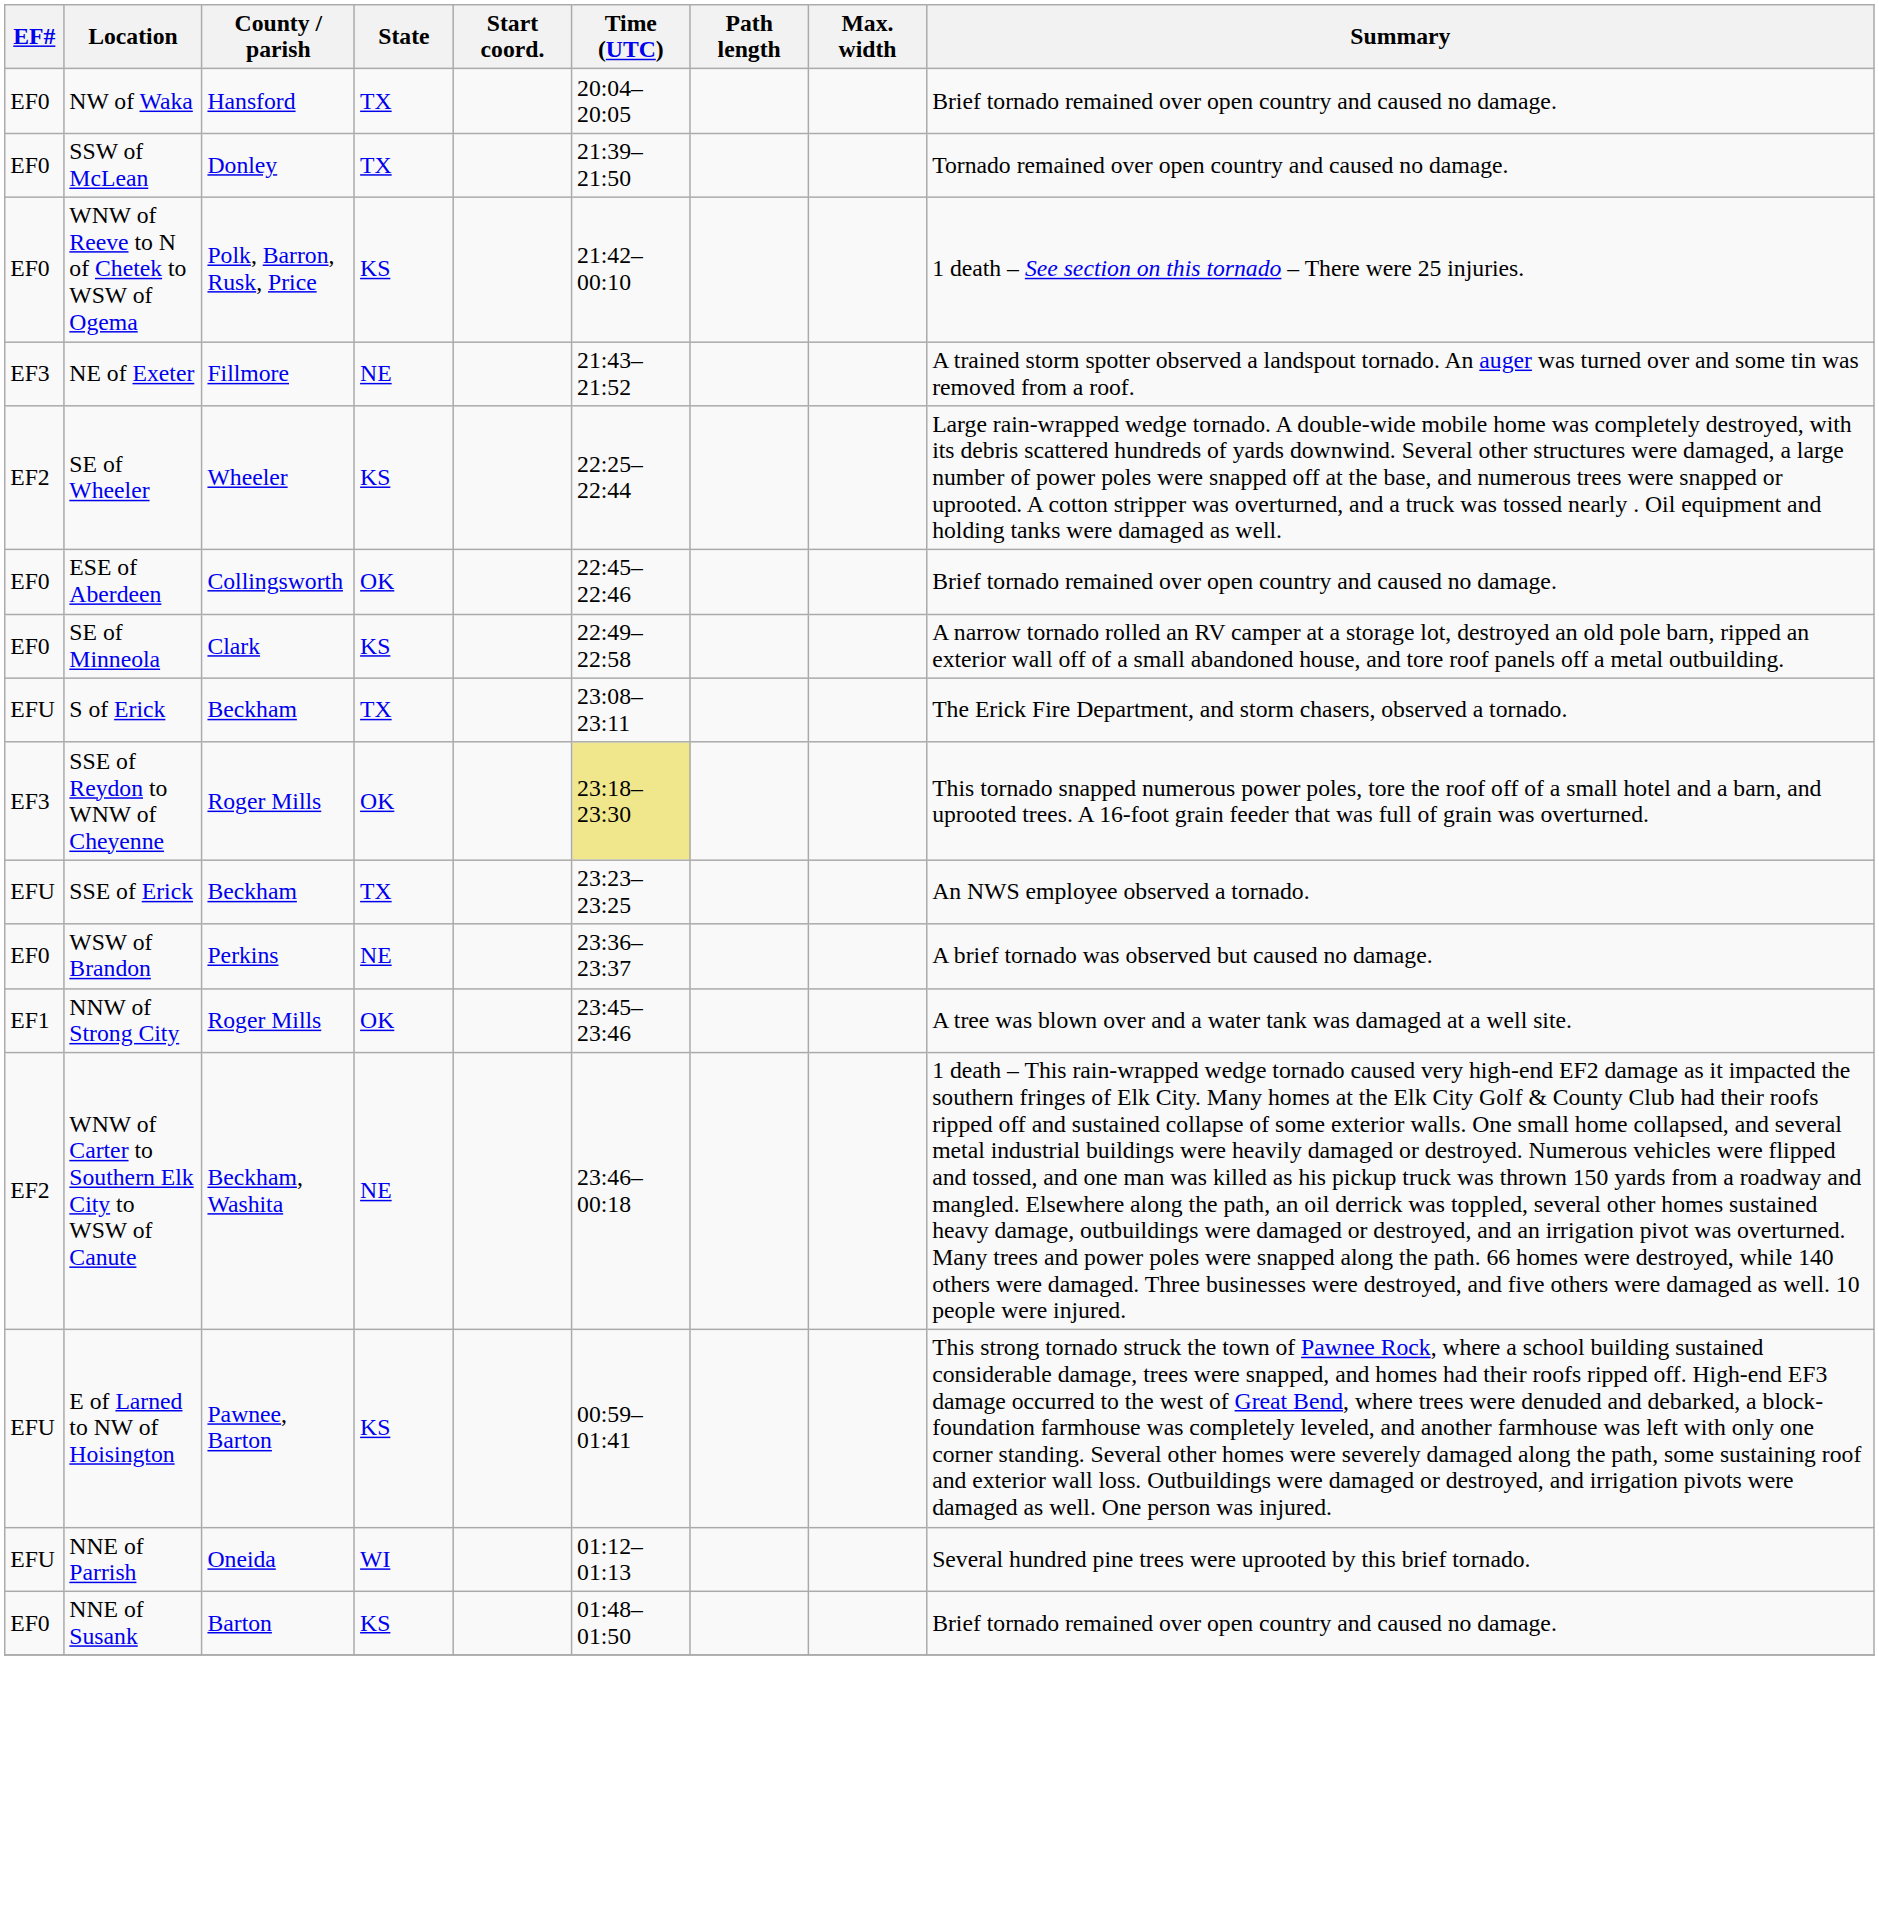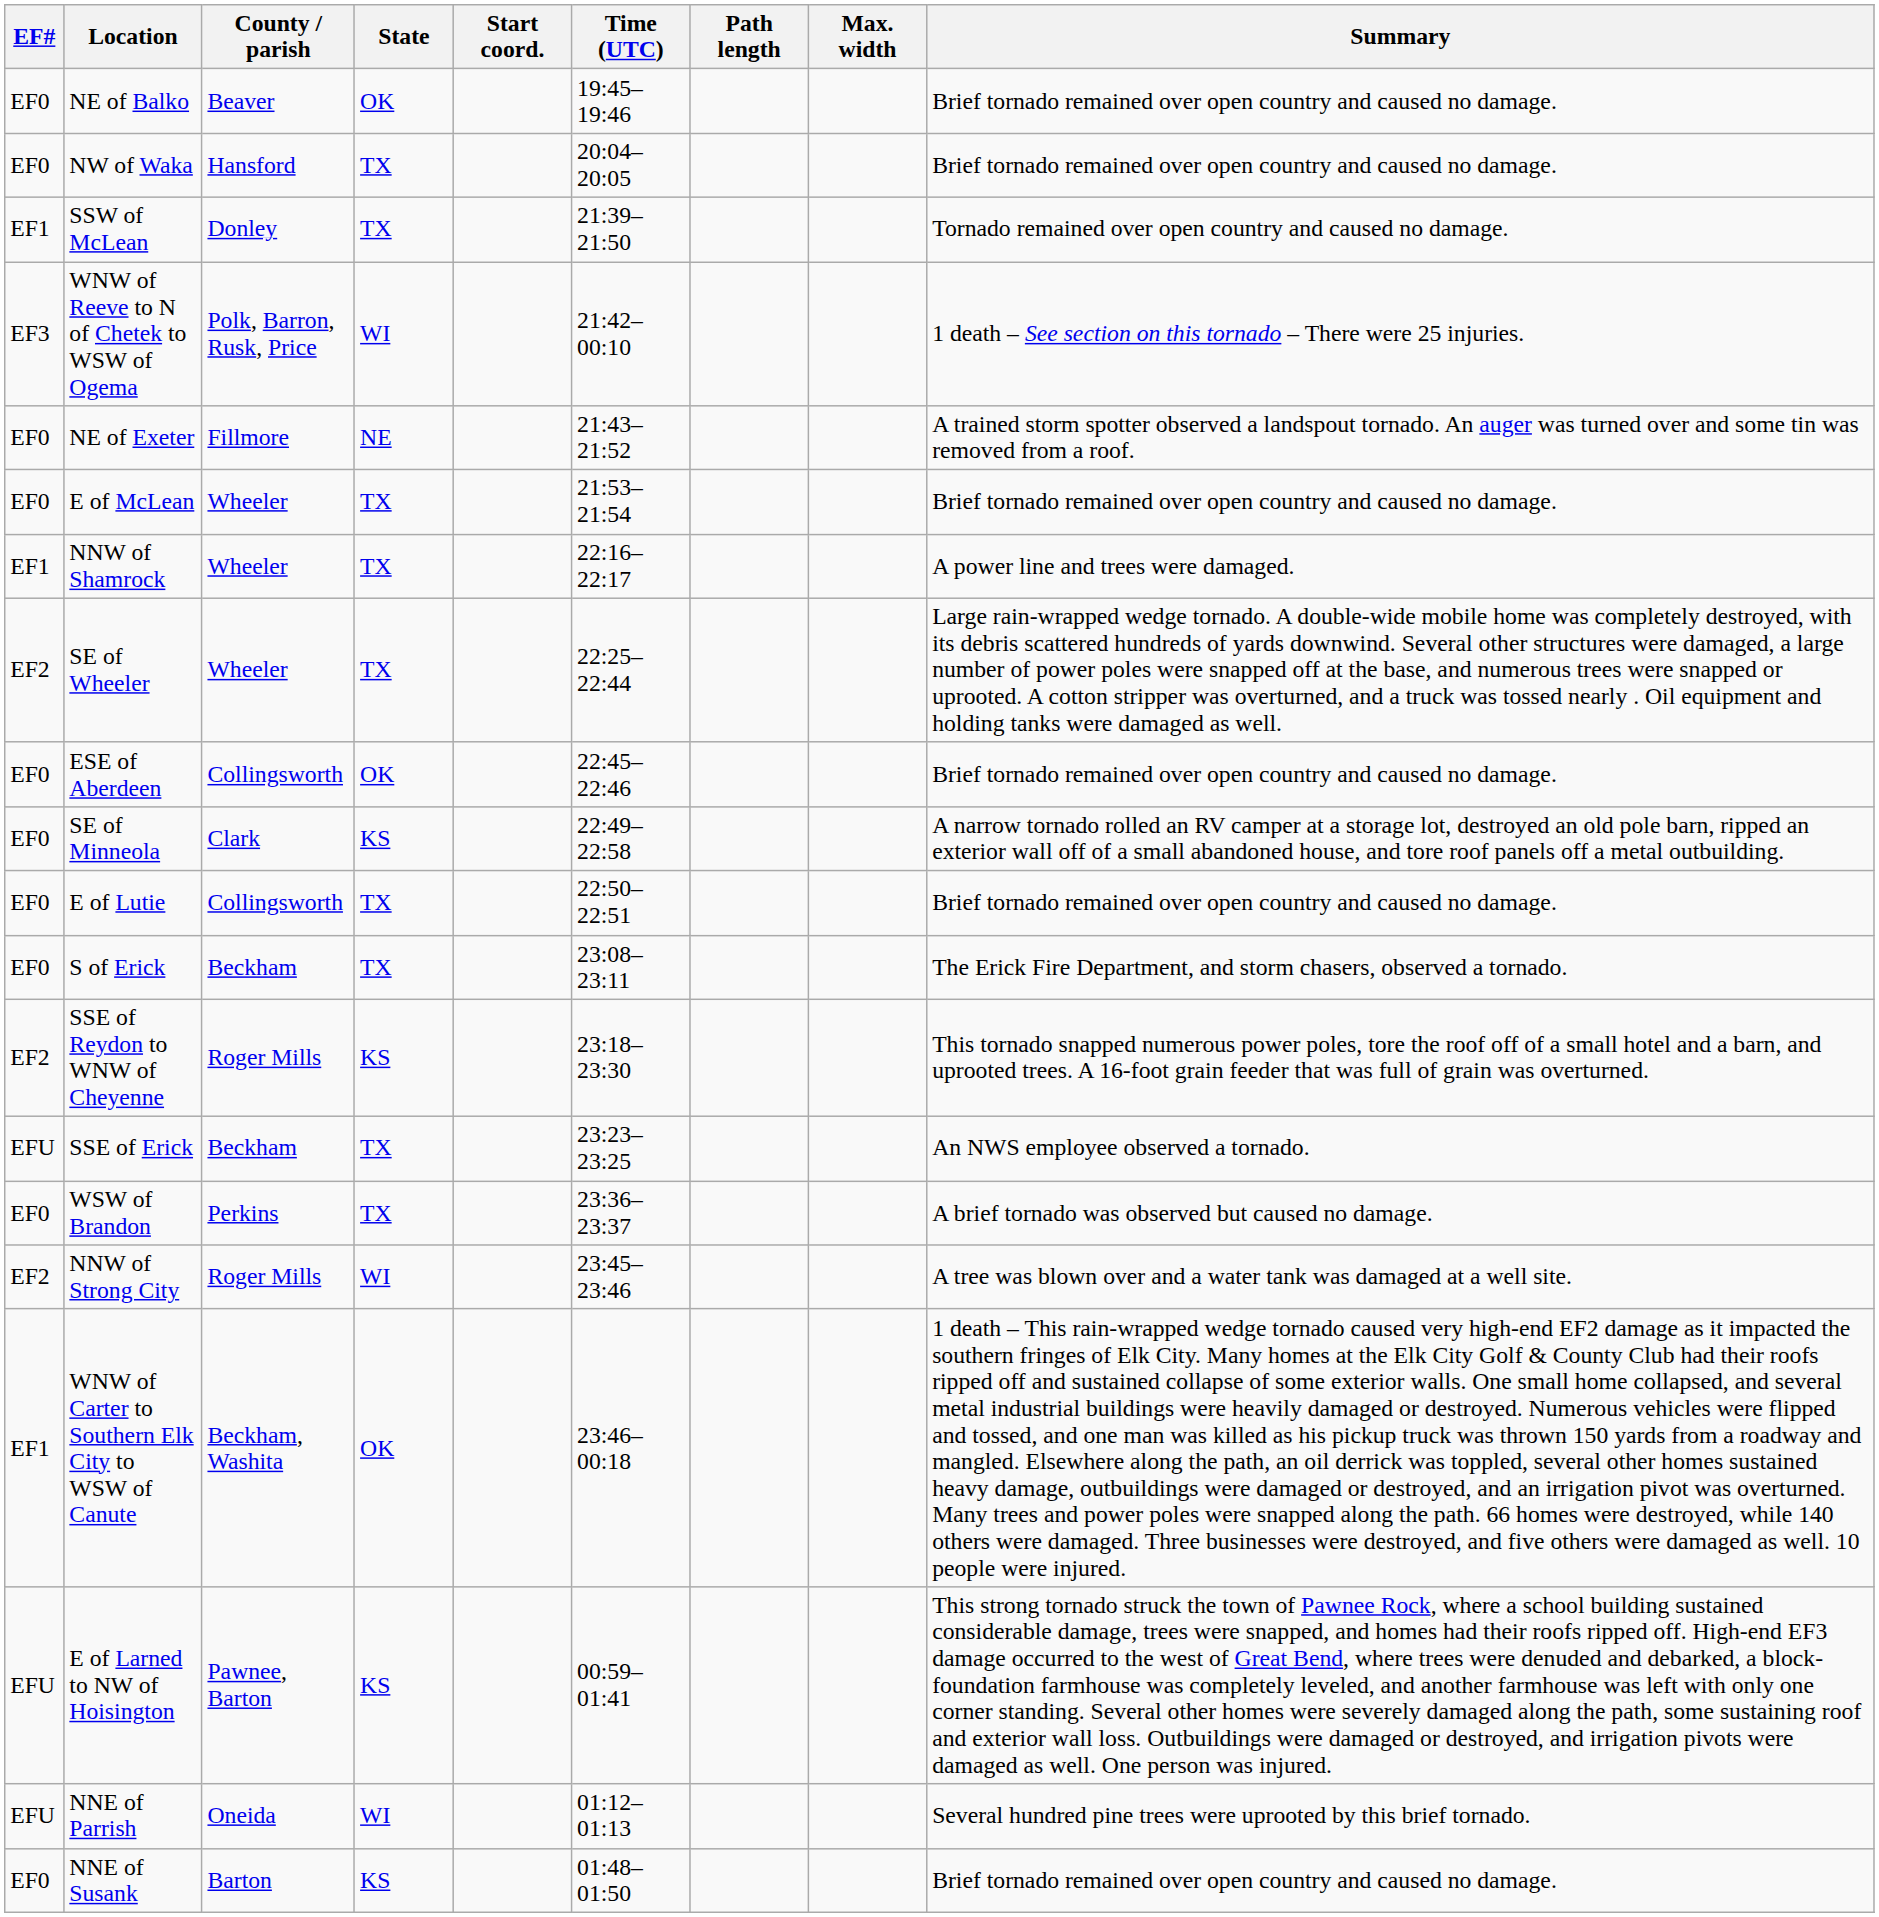 <table class="wikitable sortable" style="width:100%;">
 <tr>
 <th scope="col"  style="width:3%; text-align:center;"><a href='#'>EF#</a></th>
 <th scope="col"  style="width:7%; text-align:center;" class="unsortable">Location</th>
 <th scope="col"  style="width:6%; text-align:center;" class="unsortable">County / parish</th>
 <th scope="col"  style="width:5%; text-align:center;">State</th>
 <th scope="col"  style="width:6%; text-align:center;">Start coord.</th>
 <th scope="col"  style="width:6%; text-align:center;">Time (<a href='#'>UTC</a>)</th>
 <th scope="col"  style="width:6%; text-align:center;">Path length</th>
 <th scope="col"  style="width:6%; text-align:center;">Max. width</th>
 <th scope="col" class="unsortable" style="width:48%; text-align:center;">Summary</th>
 </tr>
 <tr>
 <td>EF0</td>
+<td>NE of <a href='#'>Balko</a></td>
+<td><a href='#'>Beaver</a></td>
+<td><a href='#'>OK</a></td>
+<td></td>
+<td>19:45–19:46</td>
+<td></td>
+<td></td>
+<td>Brief tornado remained over open country and caused no damage.</td>
+</tr>
+<tr>
+<td>EF0</td>
 <td>NW of <a href='#'>Waka</a></td>
 <td><a href='#'>Hansford</a></td>
 <td><a href='#'>TX</a></td>
 <td></td>
 <td>20:04–20:05</td>
 <td></td>
 <td></td>
 <td>Brief tornado remained over open country and caused no damage.</td>
 </tr>
 <tr>
-<td>EF0</td>
+<td>EF1</td>
 <td>SSW of <a href='#'>McLean</a></td>
 <td><a href='#'>Donley</a></td>
 <td><a href='#'>TX</a></td>
 <td></td>
 <td>21:39–21:50</td>
 <td></td>
 <td></td>
 <td>Tornado remained over open country and caused no damage.</td>
 </tr>
 <tr>
-<td>EF0</td>
+<td>EF3</td>
 <td>WNW of <a href='#'>Reeve</a> to N of <a href='#'>Chetek</a> to WSW of <a href='#'>Ogema</a></td>
 <td><a href='#'>Polk</a>, <a href='#'>Barron</a>, <a href='#'>Rusk</a>, <a href='#'>Price</a></td>
-<td><a href='#'>KS</a></td>
+<td><a href='#'>WI</a></td>
 <td></td>
 <td>21:42–00:10</td>
 <td></td>
 <td></td>
 <td>1 death – <em><a href='#'>See section on this tornado</a></em> – There were 25 injuries.</td>
 </tr>
 <tr>
-<td>EF3</td>
+<td>EF0</td>
 <td>NE of <a href='#'>Exeter</a></td>
 <td><a href='#'>Fillmore</a></td>
 <td><a href='#'>NE</a></td>
 <td></td>
 <td>21:43–21:52</td>
 <td></td>
 <td></td>
 <td>A trained storm spotter observed a landspout tornado. An <a href='#'>auger</a> was turned over and some tin was removed from a roof.</td>
 </tr>
 <tr>
+<td>EF0</td>
+<td>E of <a href='#'>McLean</a></td>
+<td><a href='#'>Wheeler</a></td>
+<td><a href='#'>TX</a></td>
+<td></td>
+<td>21:53–21:54</td>
+<td></td>
+<td></td>
+<td>Brief tornado remained over open country and caused no damage.</td>
+</tr>
+<tr>
+<td>EF1</td>
+<td>NNW of <a href='#'>Shamrock</a></td>
+<td><a href='#'>Wheeler</a></td>
+<td><a href='#'>TX</a></td>
+<td></td>
+<td>22:16–22:17</td>
+<td></td>
+<td></td>
+<td>A power line and trees were damaged.</td>
+</tr>
+<tr>
 <td>EF2</td>
 <td>SE of <a href='#'>Wheeler</a></td>
 <td><a href='#'>Wheeler</a></td>
-<td><a href='#'>KS</a></td>
+<td><a href='#'>TX</a></td>
 <td></td>
 <td>22:25–22:44</td>
 <td></td>
 <td></td>
 <td>Large rain-wrapped wedge tornado. A double-wide mobile home was completely destroyed, with its debris scattered hundreds of yards downwind. Several other structures were damaged, a large number of power poles were snapped off at the base, and numerous trees were snapped or uprooted. A cotton stripper was overturned, and a truck was tossed nearly . Oil equipment and holding tanks were damaged as well.</td>
 </tr>
 <tr>
 <td>EF0</td>
 <td>ESE of <a href='#'>Aberdeen</a></td>
 <td><a href='#'>Collingsworth</a></td>
 <td><a href='#'>OK</a></td>
 <td></td>
 <td>22:45–22:46</td>
 <td></td>
 <td></td>
 <td>Brief tornado remained over open country and caused no damage.</td>
 </tr>
 <tr>
 <td>EF0</td>
 <td>SE of <a href='#'>Minneola</a></td>
 <td><a href='#'>Clark</a></td>
 <td><a href='#'>KS</a></td>
 <td></td>
 <td>22:49–22:58</td>
 <td></td>
 <td></td>
 <td>A narrow tornado rolled an RV camper at a storage lot, destroyed an old pole barn, ripped an exterior wall off of a small abandoned house, and tore roof panels off a metal outbuilding.</td>
 </tr>
 <tr>
-<td>EFU</td>
+<td>EF0</td>
+<td>E of <a href='#'>Lutie</a></td>
+<td><a href='#'>Collingsworth</a></td>
+<td><a href='#'>TX</a></td>
+<td></td>
+<td>22:50–22:51</td>
+<td></td>
+<td></td>
+<td>Brief tornado remained over open country and caused no damage.</td>
+</tr>
+<tr>
+<td>EF0</td>
 <td>S of <a href='#'>Erick</a></td>
 <td><a href='#'>Beckham</a></td>
 <td><a href='#'>TX</a></td>
 <td></td>
 <td>23:08–23:11</td>
 <td></td>
 <td></td>
 <td>The Erick Fire Department, and storm chasers, observed a tornado.</td>
 </tr>
 <tr>
-<td>EF3</td>
+<td>EF2</td>
 <td>SSE of <a href='#'>Reydon</a> to WNW of <a href='#'>Cheyenne</a></td>
 <td><a href='#'>Roger Mills</a></td>
-<td><a href='#'>OK</a></td>
+<td><a href='#'>KS</a></td>
 <td></td>
-<td style="background: khaki;">23:18–23:30</td>
+<td>23:18–23:30</td>
 <td></td>
 <td></td>
 <td>This tornado snapped numerous power poles, tore the roof off of a small hotel and a barn, and uprooted trees. A 16-foot grain feeder that was full of grain was overturned.</td>
 </tr>
 <tr>
 <td>EFU</td>
 <td>SSE of <a href='#'>Erick</a></td>
 <td><a href='#'>Beckham</a></td>
 <td><a href='#'>TX</a></td>
 <td></td>
 <td>23:23–23:25</td>
 <td></td>
 <td></td>
 <td>An NWS employee observed a tornado.</td>
 </tr>
 <tr>
 <td>EF0</td>
 <td>WSW of <a href='#'>Brandon</a></td>
 <td><a href='#'>Perkins</a></td>
-<td><a href='#'>NE</a></td>
+<td><a href='#'>TX</a></td>
 <td></td>
 <td>23:36–23:37</td>
 <td></td>
 <td></td>
 <td>A brief tornado was observed but caused no damage.</td>
 </tr>
 <tr>
-<td>EF1</td>
+<td>EF2</td>
 <td>NNW of <a href='#'>Strong City</a></td>
 <td><a href='#'>Roger Mills</a></td>
-<td><a href='#'>OK</a></td>
+<td><a href='#'>WI</a></td>
 <td></td>
 <td>23:45–23:46</td>
 <td></td>
 <td></td>
 <td>A tree was blown over and a water tank was damaged at a well site.</td>
 </tr>
 <tr>
-<td>EF2</td>
+<td>EF1</td>
 <td>WNW of <a href='#'>Carter</a> to <a href='#'>Southern Elk City</a> to WSW of <a href='#'>Canute</a></td>
 <td><a href='#'>Beckham</a>, <a href='#'>Washita</a></td>
-<td><a href='#'>NE</a></td>
+<td><a href='#'>OK</a></td>
 <td></td>
 <td>23:46–00:18</td>
 <td></td>
 <td></td>
 <td>1 death – This rain-wrapped wedge tornado caused very high-end EF2 damage as it impacted the southern fringes of Elk City. Many homes at the Elk City Golf & County Club had their roofs ripped off and sustained collapse of some exterior walls. One small home collapsed, and several metal industrial buildings were heavily damaged or destroyed. Numerous vehicles were flipped and tossed, and one man was killed as his pickup truck was thrown 150 yards from a roadway and mangled. Elsewhere along the path, an oil derrick was toppled, several other homes sustained heavy damage, outbuildings were damaged or destroyed, and an irrigation pivot was overturned. Many trees and power poles were snapped along the path. 66 homes were destroyed, while 140 others were damaged. Three businesses were destroyed, and five others were damaged as well. 10 people were injured.</td>
 </tr>
 <tr>
 <td>EFU</td>
 <td>E of <a href='#'>Larned</a> to NW of <a href='#'>Hoisington</a></td>
 <td><a href='#'>Pawnee</a>, <a href='#'>Barton</a></td>
 <td><a href='#'>KS</a></td>
 <td></td>
 <td>00:59–01:41</td>
 <td></td>
 <td></td>
 <td>This strong tornado struck the town of <a href='#'>Pawnee Rock</a>, where a school building sustained considerable damage, trees were snapped, and homes had their roofs ripped off. High-end EF3 damage occurred to the west of <a href='#'>Great Bend</a>, where trees were denuded and debarked, a block-foundation farmhouse was completely leveled, and another farmhouse was left with only one corner standing. Several other homes were severely damaged along the path, some sustaining roof and exterior wall loss. Outbuildings were damaged or destroyed, and irrigation pivots were damaged as well. One person was injured.</td>
 </tr>
 <tr>
 <td>EFU</td>
 <td>NNE of <a href='#'>Parrish</a></td>
 <td><a href='#'>Oneida</a></td>
 <td><a href='#'>WI</a></td>
 <td></td>
 <td>01:12–01:13</td>
 <td></td>
 <td></td>
 <td>Several hundred pine trees were uprooted by this brief tornado.</td>
 </tr>
 <tr>
 <td>EF0</td>
 <td>NNE of <a href='#'>Susank</a></td>
 <td><a href='#'>Barton</a></td>
 <td><a href='#'>KS</a></td>
 <td></td>
 <td>01:48–01:50</td>
 <td></td>
 <td></td>
 <td>Brief tornado remained over open country and caused no damage.</td>
 </tr>
 <tr>
 </tr>
 </table>
